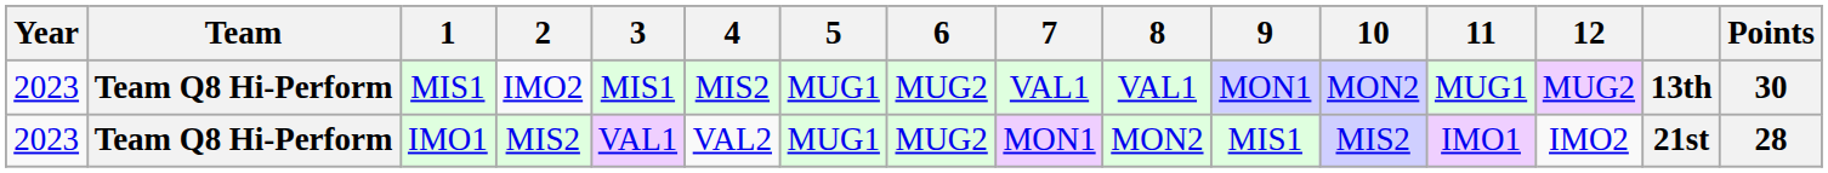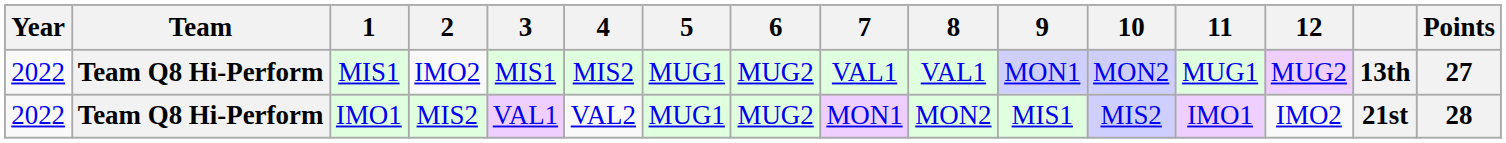 <table class="wikitable" style="text-align:center; font-size:90%">
 <tr>
 <th>Year</th>
 <th>Team</th>
 <th>1</th>
 <th>2</th>
 <th>3</th>
 <th>4</th>
 <th>5</th>
 <th>6</th>
 <th>7</th>
 <th>8</th>
 <th>9</th>
 <th>10</th>
 <th>11</th>
 <th>12</th>
 <th></th>
 <th>Points</th>
 </tr>
 <tr>
-<td><a href='#'>2023</a></td>
+<td><a href='#'>2022</a></td>
 <th>Team Q8 Hi-Perform</th>
 <td style="background:#DFFFDF;"><a href='#'>MIS1</a><br></td>
 <td><a href='#'>IMO2</a></td>
 <td style="background:#DFFFDF;"><a href='#'>MIS1</a><br></td>
 <td style="background:#DFFFDF;"><a href='#'>MIS2</a><br></td>
 <td style="background:#DFFFDF;"><a href='#'>MUG1</a><br></td>
 <td style="background:#DFFFDF;"><a href='#'>MUG2</a><br></td>
 <td style="background:#DFFFDF;"><a href='#'>VAL1</a><br></td>
 <td style="background:#DFFFDF;"><a href='#'>VAL1</a><br></td>
 <td style="background:#CFCFFF;"><a href='#'>MON1</a><br></td>
 <td style="background:#CFCFFF;"><a href='#'>MON2</a><br></td>
 <td style="background:#DFFFDF;"><a href='#'>MUG1</a><br></td>
 <td style="background:#EFCFFF;"><a href='#'>MUG2</a><br></td>
 <th>13th</th>
-<th>30</th>
+<th>27</th>
 </tr>
 <tr>
-<td><a href='#'>2023</a></td>
+<td><a href='#'>2022</a></td>
 <th>Team Q8 Hi-Perform</th>
 <td style="background:#DFFFDF;"><a href='#'>IMO1</a><br></td>
 <td style="background:#DFFFDF;"><a href='#'>MIS2</a><br></td>
 <td style="background:#EFCFFF;"><a href='#'>VAL1</a><br></td>
 <td><a href='#'>VAL2</a></td>
 <td style="background:#DFFFDF;"><a href='#'>MUG1</a><br></td>
 <td style="background:#DFFFDF;"><a href='#'>MUG2</a><br></td>
 <td style="background:#EFCFFF;"><a href='#'>MON1</a><br></td>
 <td style="background:#DFFFDF;"><a href='#'>MON2</a><br></td>
 <td style="background:#DFFFDF;"><a href='#'>MIS1</a><br></td>
 <td style="background:#CFCFFF;"><a href='#'>MIS2</a><br></td>
 <td style="background:#EFCFFF;"><a href='#'>IMO1</a><br></td>
 <td><a href='#'>IMO2</a></td>
 <th>21st</th>
 <th>28</th>
 </tr>
 </table>
